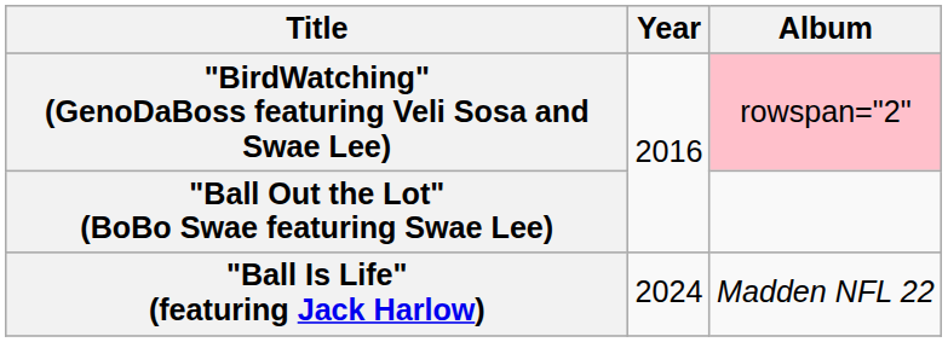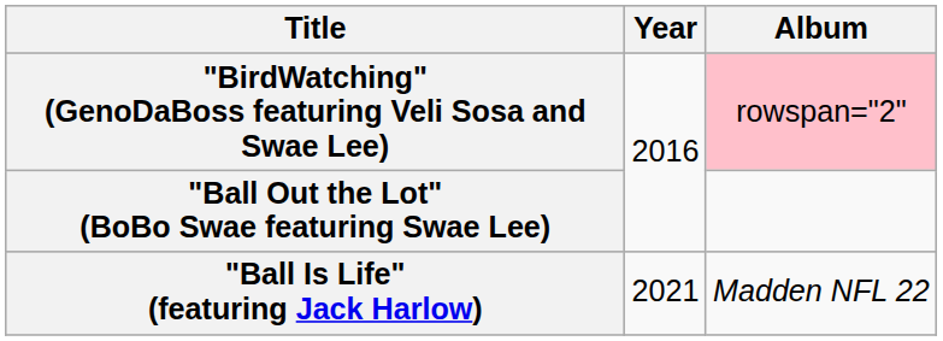 <table class="wikitable plainrowheaders" style="text-align:center;">
 <tr>
 <th scope="col" style="width:20em;">Title</th>
 <th scope="col">Year</th>
 <th scope="col">Album</th>
 </tr>
 <tr>
 <th scope="row">"BirdWatching"<br><span>(GenoDaBoss featuring Veli Sosa and Swae Lee)</span></th>
 <td rowspan="2">2016</td>
 <td style="background: pink;">rowspan="2" </td>
 </tr>
 <tr>
 <th scope="row">"Ball Out the Lot"<br><span>(BoBo Swae featuring Swae Lee)</span></th>
 </tr>
 <tr>
 <th scope="row">"Ball Is Life" <br><span>(featuring <a href='#'>Jack Harlow</a>)</span></th>
-<td>2024</td>
+<td>2021</td>
 <td><em>Madden NFL 22</em></td>
 </tr>
 </table>
